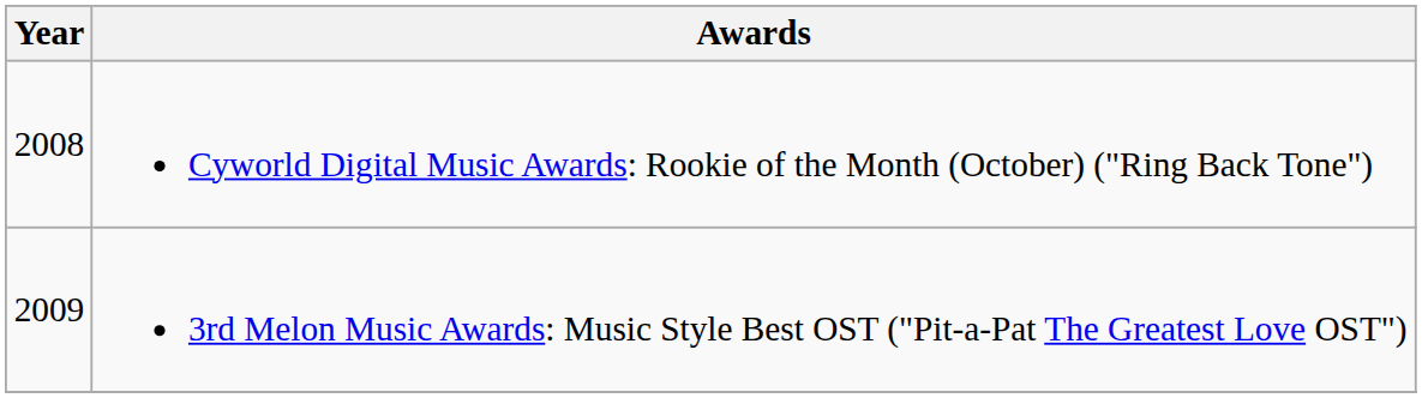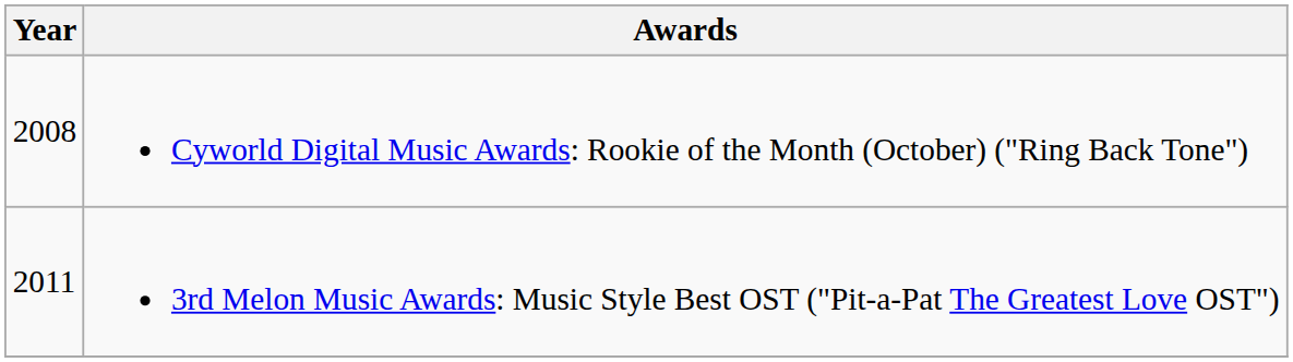 <table class="wikitable">
 <tr>
 <th>Year</th>
 <th>Awards</th>
 </tr>
 <tr>
 <td>2008</td>
 <td><br><ul><li><a href='#'>Cyworld Digital Music Awards</a>: Rookie of the Month (October) ("Ring Back Tone")</li></ul></td>
 </tr>
 <tr>
-<td>2009</td>
+<td>2011</td>
 <td><br><ul><li><a href='#'>3rd Melon Music Awards</a>: Music Style Best OST ("Pit-a-Pat <a href='#'>The Greatest Love</a> OST")</li></ul></td>
 </tr>
 <tr>
 </tr>
 </table>
